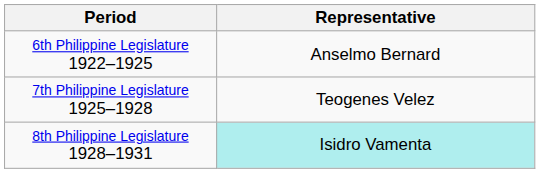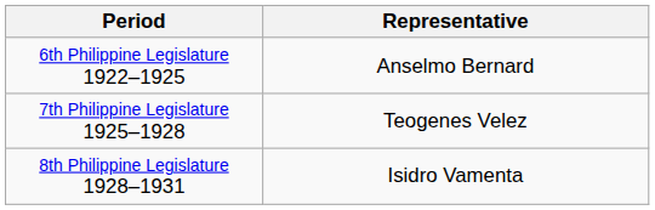 <table class="wikitable" style="text-align:center; width:40%;">
 <tr>
 <th width=40%>Period</th>
 <th>Representative</th>
 </tr>
 <tr>
 <td><small><a href='#'>6th Philippine Legislature</a></small><br>1922–1925</td>
 <td>Anselmo Bernard</td>
 </tr>
 <tr>
 <td><small><a href='#'>7th Philippine Legislature</a></small><br>1925–1928</td>
 <td>Teogenes Velez</td>
 </tr>
 <tr>
 <td><small><a href='#'>8th Philippine Legislature</a></small><br>1928–1931</td>
-<td style="background: paleturquoise;">Isidro Vamenta</td>
+<td>Isidro Vamenta</td>
 </tr>
 </table>
